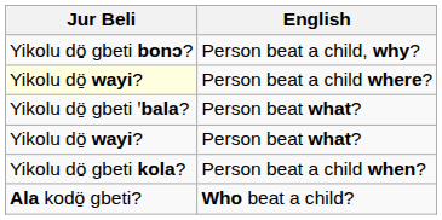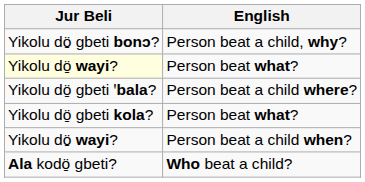 <table class="wikitable">
 <tr>
 <th>Jur Beli</th>
 <th>English</th>
 </tr>
 <tr>
 <td>Yikolu  dö̱ gbeti <strong>bonɔ</strong>?</td>
 <td>Person  beat a child, <strong>why</strong>?</td>
 </tr>
 <tr>
 <td style="background: lightyellow;">Yikolu  dö̱ <strong>wayi</strong>?</td>
+<td>Person  beat <strong>what</strong>?</td>
+</tr>
+<tr>
+<td>Yikolu  dö̱ gbeti ꞌ<strong>bala</strong>?</td>
 <td>Person  beat a child <strong>where</strong>?</td>
 </tr>
 <tr>
-<td>Yikolu  dö̱ gbeti ꞌ<strong>bala</strong>?</td>
+<td>Yikolu  dö̱ gbeti <strong>kola</strong>?</td>
 <td>Person  beat <strong>what</strong>?</td>
 </tr>
 <tr>
 <td>Yikolu  dö̱ <strong>wayi</strong>?</td>
-<td>Person  beat <strong>what</strong>?</td>
-</tr>
-<tr>
-<td>Yikolu  dö̱ gbeti <strong>kola</strong>?</td>
 <td>Person  beat a child <strong>when</strong>?</td>
 </tr>
 <tr>
 <td><strong>Ala</strong> kodö̱  gbeti?</td>
 <td><strong>Who</strong> beat a  child?</td>
 </tr>
 </table>
